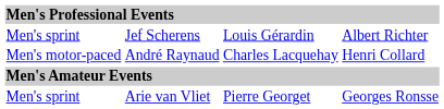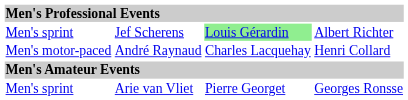 <table>
 <tr bgcolor="#cccccc">
 <td colspan=7><strong>Men's Professional Events</strong></td>
 </tr>
 <tr>
 <td><a href='#'>Men's sprint</a> <br></td>
 <td><a href='#'>Jef Scherens</a><br></td>
-<td><a href='#'>Louis Gérardin</a><br></td>
+<td style="background: lightgreen;"><a href='#'>Louis Gérardin</a><br></td>
 <td><a href='#'>Albert Richter</a><br></td>
 </tr>
 <tr>
 <td><a href='#'>Men's motor-paced</a><br></td>
 <td><a href='#'>André Raynaud</a><br></td>
 <td><a href='#'>Charles Lacquehay</a><br></td>
 <td><a href='#'>Henri Collard</a><br></td>
 </tr>
 <tr bgcolor="#cccccc">
 <td colspan=7><strong>Men's Amateur Events</strong></td>
 </tr>
 <tr>
 <td><a href='#'>Men's sprint</a> <br></td>
 <td><a href='#'>Arie van Vliet</a> <br></td>
 <td><a href='#'>Pierre Georget</a> <br></td>
 <td><a href='#'>Georges Ronsse</a><br></td>
 </tr>
 </table>
